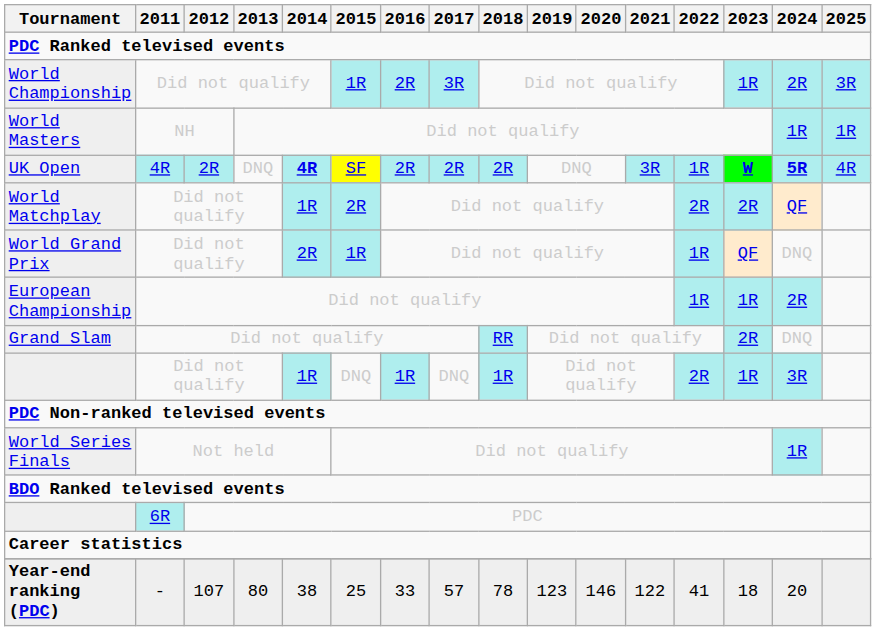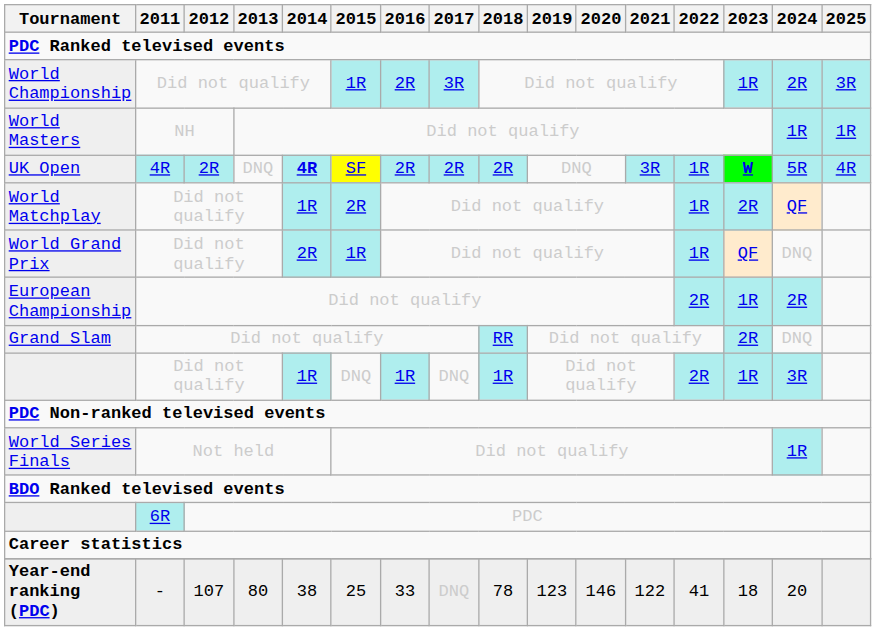 <table class="wikitable" style="width:20%; margin:0">
 <tr>
 <th>Tournament</th>
 <th>2011</th>
 <th>2012</th>
 <th>2013</th>
 <th>2014</th>
 <th>2015</th>
 <th>2016</th>
 <th>2017</th>
 <th>2018</th>
 <th>2019</th>
 <th>2020</th>
 <th>2021</th>
 <th>2022</th>
 <th>2023</th>
 <th>2024</th>
 <th>2025</th>
 </tr>
 <tr>
 <td colspan="20" style="text-align:left"><strong><a href='#'>PDC</a> Ranked televised events</strong></td>
 </tr>
 <tr>
 <td style="background:#efefef;"><a href='#'>World Championship</a></td>
 <td colspan="4" style="text-align:center; color:#ccc;">Did not qualify</td>
 <td style="text-align:center; background:#afeeee;"><a href='#'>1R</a></td>
 <td style="text-align:center; background:#afeeee;"><a href='#'>2R</a></td>
 <td style="text-align:center; background:#afeeee;"><a href='#'>3R</a></td>
 <td colspan="5" style="text-align:center; color:#ccc;">Did not qualify</td>
 <td style="text-align:center; background:#afeeee;"><a href='#'>1R</a></td>
 <td style="text-align:center; background:#afeeee;"><a href='#'>2R</a></td>
 <td style="text-align:center; background:#afeeee;"><a href='#'>3R</a></td>
 </tr>
 <tr>
 <td style="background:#efefef;"><a href='#'>World Masters</a></td>
 <td colspan="2" style="text-align:center; color:#ccc;">NH</td>
 <td colspan="11" style="text-align:center; color:#ccc;">Did not qualify</td>
 <td style="text-align:center; background:#afeeee;"><a href='#'>1R</a></td>
 <td style="text-align:center; background:#afeeee;"><a href='#'>1R</a></td>
 </tr>
 <tr>
 <td style="background:#efefef;"><a href='#'>UK Open</a></td>
 <td style="text-align:center; background:#afeeee;"><a href='#'>4R</a></td>
 <td style="text-align:center; background:#afeeee;"><a href='#'>2R</a></td>
 <td style="text-align:center; color:#ccc;">DNQ</td>
 <td style="text-align:center; background:#afeeee;"><strong><a href='#'>4R</a></strong></td>
 <td style="text-align:center; background:yellow;"><a href='#'>SF</a></td>
 <td style="text-align:center; background:#afeeee;"><a href='#'>2R</a></td>
 <td style="text-align:center; background:#afeeee;"><a href='#'>2R</a></td>
 <td style="text-align:center; background:#afeeee;"><a href='#'>2R</a></td>
 <td colspan="2" style="text-align:center; color:#ccc;">DNQ</td>
 <td style="text-align:center; background:#afeeee;"><a href='#'>3R</a></td>
 <td style="text-align:center; background:#afeeee;"><a href='#'>1R</a></td>
 <td style="text-align:center; background:lime;"><a href='#'><strong>W</strong></a></td>
-<td style="text-align:center; background:#afeeee;"><strong><a href='#'>5R</a></strong></td>
+<td style="text-align:center; background:#afeeee;"><a href='#'>5R</a></td>
 <td style="text-align:center; background:#afeeee;"><a href='#'>4R</a></td>
 </tr>
 <tr>
 <td style="background:#efefef;"><a href='#'>World Matchplay</a></td>
 <td colspan="3" style="text-align:center; color:#ccc;">Did not qualify</td>
 <td style="text-align:center; background:#afeeee;"><a href='#'>1R</a></td>
 <td style="text-align:center; background:#afeeee;"><a href='#'>2R</a></td>
 <td colspan="6" style="text-align:center; color:#ccc;">Did not qualify</td>
-<td style="text-align:center; background:#afeeee;"><a href='#'>2R</a></td>
+<td style="text-align:center; background:#afeeee;"><a href='#'>1R</a></td>
 <td style="text-align:center; background:#afeeee;"><a href='#'>2R</a></td>
 <td style="text-align:center; background:#ffebcd;"><a href='#'>QF</a></td>
 <td></td>
 </tr>
 <tr>
 <td style="background:#efefef;"><a href='#'>World Grand Prix</a></td>
 <td colspan="3" style="text-align:center; color:#ccc;">Did not qualify</td>
 <td style="text-align:center; background:#afeeee;"><a href='#'>2R</a></td>
 <td style="text-align:center; background:#afeeee;"><a href='#'>1R</a></td>
 <td colspan="6" style="text-align:center; color:#ccc;">Did not qualify</td>
 <td style="text-align:center; background:#afeeee;"><a href='#'>1R</a></td>
 <td style="text-align:center; background:#ffebcd;"><a href='#'>QF</a></td>
 <td style="text-align:center; color:#ccc;">DNQ</td>
 <td></td>
 </tr>
 <tr>
 <td style="background:#efefef;"><a href='#'>European Championship</a></td>
 <td colspan="11" style="text-align:center; color:#ccc;">Did not qualify</td>
-<td style="text-align:center; background:#afeeee;"><a href='#'>1R</a></td>
+<td style="text-align:center; background:#afeeee;"><a href='#'>2R</a></td>
 <td style="text-align:center; background:#afeeee;"><a href='#'>1R</a></td>
 <td style="text-align:center; background:#afeeee;"><a href='#'>2R</a></td>
 <td></td>
 </tr>
 <tr>
 <td style="background:#efefef;"><a href='#'>Grand Slam</a></td>
 <td colspan="7" style="text-align:center; color:#ccc;">Did not qualify</td>
 <td style="text-align:center; background:#afeeee;"><a href='#'>RR</a></td>
 <td colspan="4" style="text-align:center; color:#ccc;">Did not qualify</td>
 <td style="text-align:center; background:#afeeee;"><a href='#'>2R</a></td>
 <td style="text-align:center; color:#ccc;">DNQ</td>
 <td></td>
 </tr>
 <tr>
 <td style="background:#efefef;"></td>
 <td colspan="3" style="text-align:center; color:#ccc;">Did not qualify</td>
 <td style="text-align:center; background:#afeeee;"><a href='#'>1R</a></td>
 <td style="text-align:center; color:#ccc;">DNQ</td>
 <td style="text-align:center; background:#afeeee;"><a href='#'>1R</a></td>
 <td style="text-align:center; color:#ccc;">DNQ</td>
 <td style="text-align:center; background:#afeeee;"><a href='#'>1R</a></td>
 <td colspan="3" style="text-align:center; color:#ccc;">Did not qualify</td>
 <td style="text-align:center; background:#afeeee;"><a href='#'>2R</a></td>
 <td style="text-align:center; background:#afeeee;"><a href='#'>1R</a></td>
 <td style="text-align:center; background:#afeeee;"><a href='#'>3R</a></td>
 <td></td>
 </tr>
 <tr>
 <td colspan="20" align="left"><strong><a href='#'>PDC</a> Non-ranked televised events</strong></td>
 </tr>
 <tr>
 <td style="background:#efefef;"><a href='#'>World Series Finals</a></td>
 <td colspan="4" style="text-align:center; color:#ccc;">Not held</td>
 <td colspan="9" style="text-align:center; color:#ccc;">Did not qualify</td>
 <td style="text-align:center; background:#afeeee;"><a href='#'>1R</a></td>
 <td></td>
 </tr>
 <tr>
 <td colspan="20" style="text-align:left"><strong><a href='#'>BDO</a> Ranked televised events</strong></td>
 </tr>
 <tr>
 <td style="background:#efefef;"></td>
 <td style="text-align:center; background:#afeeee;"><a href='#'>6R</a></td>
 <td colspan="15" style="text-align:center; color:#ccc;">PDC</td>
 </tr>
 <tr>
 <td colspan="20" style="text-align:left"><strong>Career statistics</strong></td>
 </tr>
 <tr>
 </tr>
 <tr style="background:#efefef">
 <td style="text-align:left"><strong>Year-end ranking (<a href='#'>PDC</a>)</strong></td>
 <td style="text-align:center;">-</td>
 <td style="text-align:center;">107</td>
 <td style="text-align:center;">80</td>
 <td style="text-align:center;">38</td>
 <td style="text-align:center;">25</td>
 <td style="text-align:center;">33</td>
-<td style="text-align:center;">57</td>
+<td style="text-align:center; color:#ccc;">DNQ</td>
 <td style="text-align:center;">78</td>
 <td style="text-align:center;">123</td>
 <td style="text-align:center;">146</td>
 <td style="text-align:center;">122</td>
 <td style="text-align:center;">41</td>
 <td style="text-align:center;">18</td>
 <td style="text-align:center;">20</td>
 <td></td>
 </tr>
 </table>
